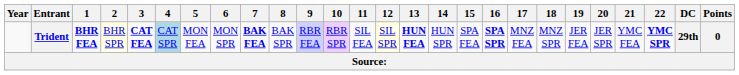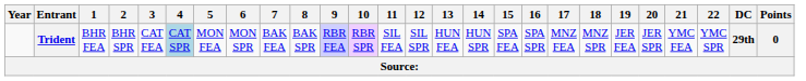 <table class="wikitable" style="text-align:center; font-size:85%">
 <tr>
 <th>Year</th>
 <th>Entrant</th>
 <th>1</th>
 <th>2</th>
 <th>3</th>
 <th>4</th>
 <th>5</th>
 <th>6</th>
 <th>7</th>
 <th>8</th>
 <th>9</th>
 <th>10</th>
 <th>11</th>
 <th>12</th>
 <th>13</th>
 <th>14</th>
 <th>15</th>
 <th>16</th>
 <th>17</th>
 <th>18</th>
 <th>19</th>
 <th>20</th>
 <th>21</th>
 <th>22</th>
 <th>DC</th>
 <th>Points</th>
 </tr>
 <tr>
 <td></td>
 <th nowrap><a href='#'>Trident</a></th>
-<td><strong><a href='#'>BHR<br>FEA</a></strong></td>
-<td style="background: lightyellow;"><a href='#'>BHR<br>SPR</a></td>
-<td><strong><a href='#'>CAT<br>FEA</a></strong></td>
+<td><a href='#'>BHR<br>FEA</a></td>
+<td><a href='#'>BHR<br>SPR</a></td>
+<td><a href='#'>CAT<br>FEA</a></td>
 <td style="background: lightblue;"><a href='#'>CAT<br>SPR</a></td>
 <td><a href='#'>MON<br>FEA</a></td>
 <td><a href='#'>MON<br>SPR</a></td>
-<td><strong><a href='#'>BAK<br>FEA</a></strong></td>
+<td><a href='#'>BAK<br>FEA</a></td>
 <td><a href='#'>BAK<br>SPR</a></td>
 <td style="background:#CFCFFF;"><a href='#'>RBR<br>FEA</a><br></td>
 <td style="background:#EFCFFF;"><a href='#'>RBR<br>SPR</a><br></td>
 <td><a href='#'>SIL<br>FEA</a></td>
-<td style="background: lightyellow;"><a href='#'>SIL<br>SPR</a></td>
-<td><strong><a href='#'>HUN<br>FEA</a></strong></td>
+<td><a href='#'>SIL<br>SPR</a></td>
+<td><a href='#'>HUN<br>FEA</a></td>
 <td><a href='#'>HUN<br>SPR</a></td>
 <td><a href='#'>SPA<br>FEA</a></td>
-<td><strong><a href='#'>SPA<br>SPR</a></strong></td>
+<td><a href='#'>SPA<br>SPR</a></td>
 <td><a href='#'>MNZ<br>FEA</a></td>
 <td><a href='#'>MNZ<br>SPR</a></td>
 <td><a href='#'>JER<br>FEA</a></td>
 <td><a href='#'>JER<br>SPR</a></td>
 <td><a href='#'>YMC<br>FEA</a></td>
-<td><strong><a href='#'>YMC<br>SPR</a></strong></td>
+<td><a href='#'>YMC<br>SPR</a></td>
 <th>29th</th>
 <th>0</th>
 </tr>
 <tr>
 <th colspan="26">Source:</th>
 </tr>
 </table>
